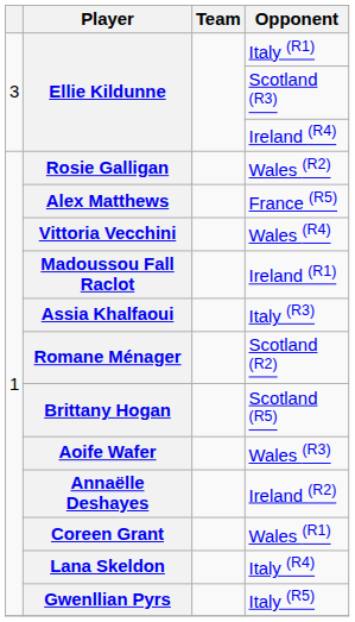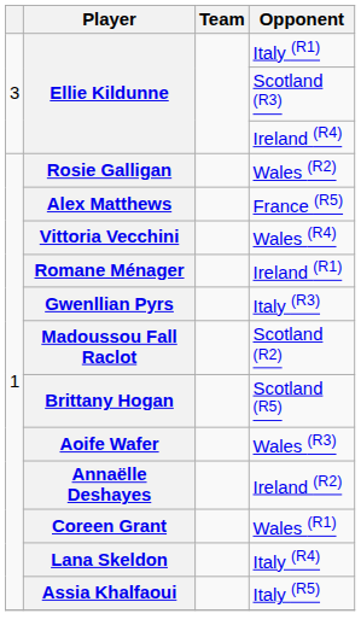 <table class="wikitable" style="text-align:center;width:50%">
 <tr>
 <th></th>
 <th>Player</th>
 <th>Team</th>
 <th>Opponent</th>
 </tr>
 <tr>
 <td rowspan=3>3</td>
 <th rowspan=3><a href='#'>Ellie Kildunne</a></th>
 <td rowspan=3 align=left></td>
 <td align=left><a href='#'>Italy <sup>(R1)</sup></a></td>
 </tr>
 <tr>
 <td align=left><a href='#'>Scotland <sup>(R3)</sup></a></td>
 </tr>
 <tr>
 <td align=left><a href='#'>Ireland <sup>(R4)</sup></a></td>
 </tr>
 <tr>
 <td rowspan=12>1</td>
 <th><a href='#'>Rosie Galligan</a></th>
 <td align=left></td>
 <td align=left><a href='#'>Wales <sup>(R2)</sup></a></td>
 </tr>
 <tr>
 <th><a href='#'>Alex Matthews</a></th>
 <td align=left></td>
 <td align=left><a href='#'>France <sup>(R5)</sup></a></td>
 </tr>
 <tr>
 <th><a href='#'>Vittoria Vecchini</a></th>
 <td align=left></td>
 <td align=left><a href='#'>Wales <sup>(R4)</sup></a></td>
 </tr>
 <tr>
-<th><a href='#'>Madoussou Fall Raclot</a></th>
+<th><a href='#'>Romane Ménager</a></th>
 <td align=left></td>
 <td align=left><a href='#'>Ireland <sup>(R1)</sup></a></td>
 </tr>
 <tr>
-<th><a href='#'>Assia Khalfaoui</a></th>
+<th><a href='#'>Gwenllian Pyrs</a></th>
 <td align=left></td>
 <td align=left><a href='#'>Italy <sup>(R3)</sup></a></td>
 </tr>
 <tr>
-<th><a href='#'>Romane Ménager</a></th>
+<th><a href='#'>Madoussou Fall Raclot</a></th>
 <td align=left></td>
 <td align=left><a href='#'>Scotland <sup>(R2)</sup></a></td>
 </tr>
 <tr>
 <th><a href='#'>Brittany Hogan</a></th>
 <td align=left></td>
 <td align=left><a href='#'>Scotland <sup>(R5)</sup></a></td>
 </tr>
 <tr>
 <th><a href='#'>Aoife Wafer</a></th>
 <td align=left></td>
 <td align=left><a href='#'>Wales <sup>(R3)</sup></a></td>
 </tr>
 <tr>
 <th><a href='#'>Annaëlle Deshayes</a></th>
 <td align=left></td>
 <td align=left><a href='#'>Ireland <sup>(R2)</sup></a></td>
 </tr>
 <tr>
 <th><a href='#'>Coreen Grant</a></th>
 <td align=left></td>
 <td align=left><a href='#'>Wales <sup>(R1)</sup></a></td>
 </tr>
 <tr>
 <th><a href='#'>Lana Skeldon</a></th>
 <td align=left></td>
 <td align=left><a href='#'>Italy <sup>(R4)</sup></a></td>
 </tr>
 <tr>
-<th><a href='#'>Gwenllian Pyrs</a></th>
+<th><a href='#'>Assia Khalfaoui</a></th>
 <td align=left></td>
 <td align=left><a href='#'>Italy <sup>(R5)</sup></a></td>
 </tr>
 <tr>
 </tr>
 </table>
